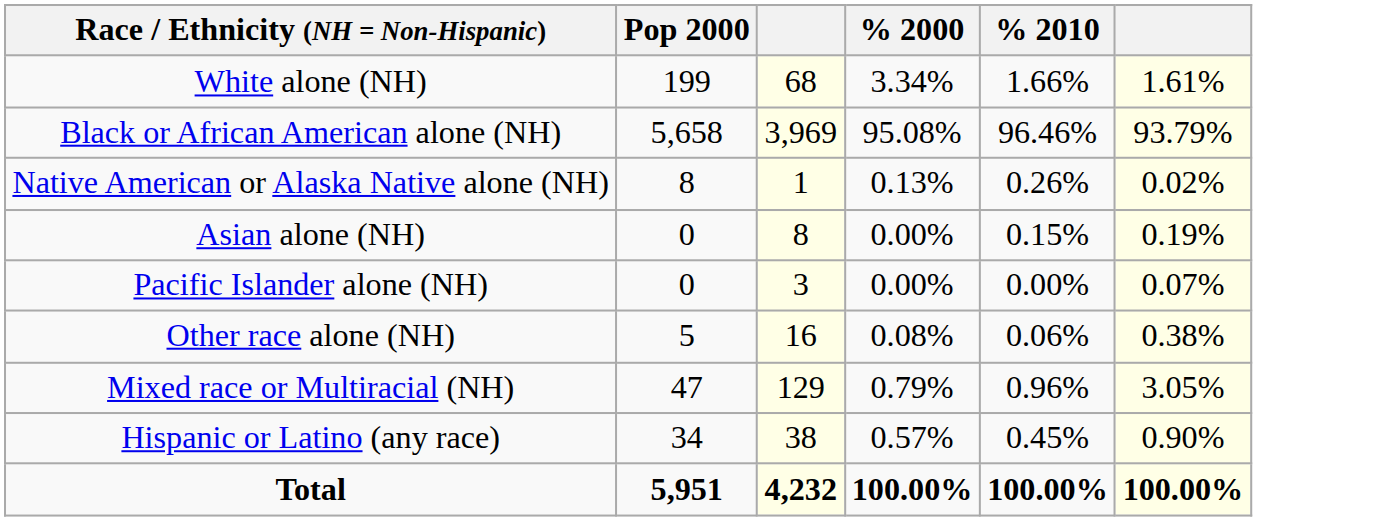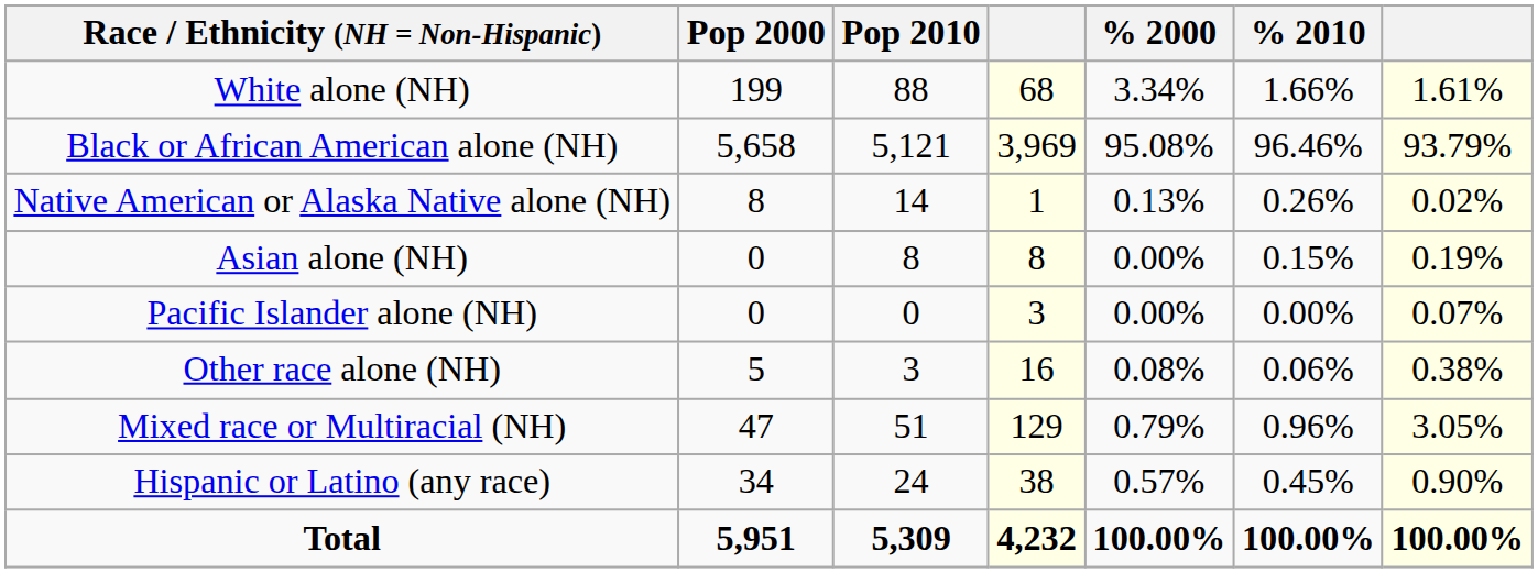 <table class="wikitable" style="text-align:center;">
 <tr>
 <th>Race / Ethnicity <small>(<em>NH = Non-Hispanic</em>)</small></th>
 <th>Pop 2000</th>
+<th>Pop 2010</th>
 <th></th>
 <th>% 2000</th>
 <th>% 2010</th>
 <th></th>
 </tr>
 <tr>
 <td><a href='#'>White</a> alone (NH)</td>
 <td>199</td>
+<td>88</td>
 <td style='background: #ffffe6;'>68</td>
 <td>3.34%</td>
 <td>1.66%</td>
 <td style='background: #ffffe6;'>1.61%</td>
 </tr>
 <tr>
 <td><a href='#'>Black or African American</a> alone (NH)</td>
 <td>5,658</td>
+<td>5,121</td>
 <td style='background: #ffffe6;'>3,969</td>
 <td>95.08%</td>
 <td>96.46%</td>
 <td style='background: #ffffe6;'>93.79%</td>
 </tr>
 <tr>
 <td><a href='#'>Native American</a> or <a href='#'>Alaska Native</a> alone (NH)</td>
 <td>8</td>
+<td>14</td>
 <td style='background: #ffffe6;'>1</td>
 <td>0.13%</td>
 <td>0.26%</td>
 <td style='background: #ffffe6;'>0.02%</td>
 </tr>
 <tr>
 <td><a href='#'>Asian</a> alone (NH)</td>
 <td>0</td>
+<td>8</td>
 <td style='background: #ffffe6;'>8</td>
 <td>0.00%</td>
 <td>0.15%</td>
 <td style='background: #ffffe6;'>0.19%</td>
 </tr>
 <tr>
 <td><a href='#'>Pacific Islander</a> alone (NH)</td>
+<td>0</td>
 <td>0</td>
 <td style='background: #ffffe6;'>3</td>
 <td>0.00%</td>
 <td>0.00%</td>
 <td style='background: #ffffe6;'>0.07%</td>
 </tr>
 <tr>
 <td><a href='#'>Other race</a> alone (NH)</td>
 <td>5</td>
+<td>3</td>
 <td style='background: #ffffe6;'>16</td>
 <td>0.08%</td>
 <td>0.06%</td>
 <td style='background: #ffffe6;'>0.38%</td>
 </tr>
 <tr>
 <td><a href='#'>Mixed race or Multiracial</a> (NH)</td>
 <td>47</td>
+<td>51</td>
 <td style='background: #ffffe6;'>129</td>
 <td>0.79%</td>
 <td>0.96%</td>
 <td style='background: #ffffe6;'>3.05%</td>
 </tr>
 <tr>
 <td><a href='#'>Hispanic or Latino</a> (any race)</td>
 <td>34</td>
+<td>24</td>
 <td style='background: #ffffe6;'>38</td>
 <td>0.57%</td>
 <td>0.45%</td>
 <td style='background: #ffffe6;'>0.90%</td>
 </tr>
 <tr>
 <td><strong>Total</strong></td>
 <td><strong>5,951</strong></td>
+<td><strong>5,309</strong></td>
 <td style='background: #ffffe6;'><strong>4,232</strong></td>
 <td><strong>100.00%</strong></td>
 <td><strong>100.00%</strong></td>
 <td style='background: #ffffe6;'><strong>100.00%</strong></td>
 </tr>
 </table>
